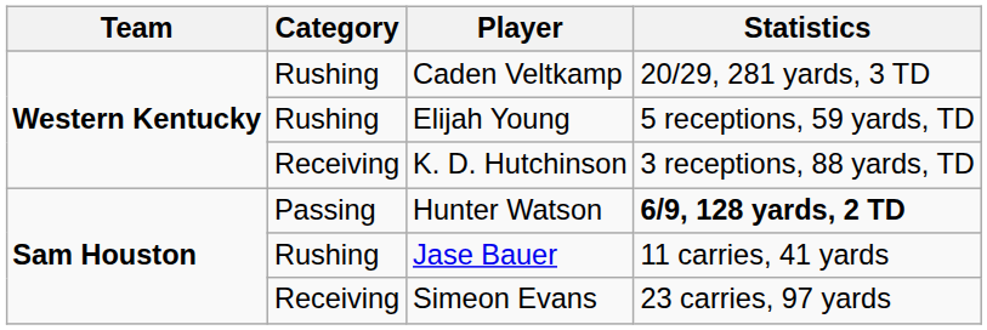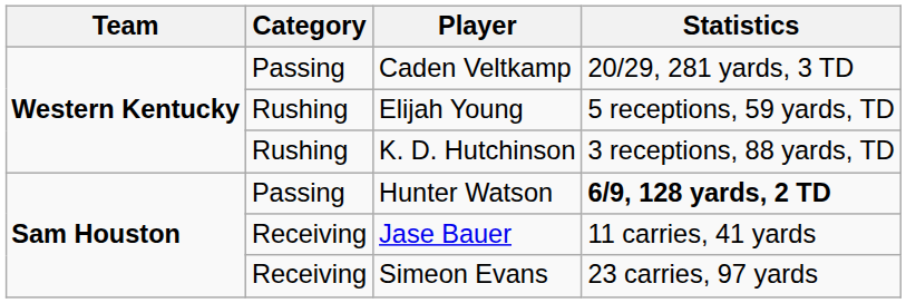 <table class="wikitable" style="float: right;">
 <tr>
 <th>Team</th>
 <th>Category</th>
 <th>Player</th>
 <th>Statistics</th>
 </tr>
 <tr>
 <td rowspan=3><strong>Western Kentucky</strong></td>
-<td>Rushing</td>
+<td>Passing</td>
 <td>Caden Veltkamp</td>
 <td>20/29, 281 yards, 3 TD</td>
 </tr>
 <tr>
 <td>Rushing</td>
 <td>Elijah Young</td>
 <td>5 receptions, 59 yards, TD</td>
 </tr>
 <tr>
-<td>Receiving</td>
+<td>Rushing</td>
 <td>K. D. Hutchinson</td>
 <td>3 receptions, 88 yards, TD</td>
 </tr>
 <tr>
 <td rowspan=3><strong>Sam Houston</strong></td>
 <td>Passing</td>
 <td>Hunter Watson</td>
 <td><strong>6/9, 128 yards, 2 TD</strong></td>
 </tr>
 <tr>
-<td>Rushing</td>
+<td>Receiving</td>
 <td><a href='#'>Jase Bauer</a></td>
 <td>11 carries, 41 yards</td>
 </tr>
 <tr>
 <td>Receiving</td>
 <td>Simeon Evans</td>
 <td>23 carries, 97 yards</td>
 </tr>
 </table>
